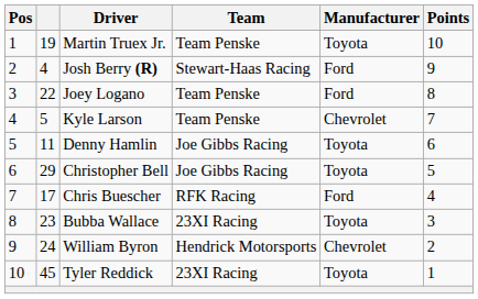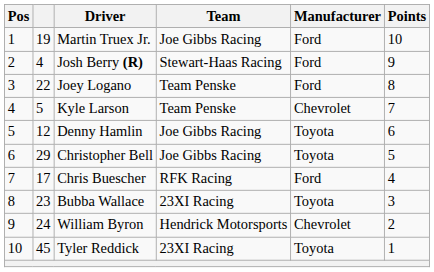 <table class="wikitable" style="font-size:98%">
 <tr>
 <th>Pos</th>
 <th></th>
 <th>Driver</th>
 <th>Team</th>
 <th>Manufacturer</th>
 <th>Points</th>
 </tr>
 <tr>
 <td>1</td>
 <td>19</td>
 <td>Martin Truex Jr.</td>
-<td>Team Penske</td>
-<td>Toyota</td>
+<td>Joe Gibbs Racing</td>
+<td>Ford</td>
 <td>10</td>
 </tr>
 <tr>
 <td>2</td>
 <td>4</td>
 <td>Josh Berry <strong>(R)</strong></td>
 <td>Stewart-Haas Racing</td>
 <td>Ford</td>
 <td>9</td>
 </tr>
 <tr>
 <td>3</td>
 <td>22</td>
 <td>Joey Logano</td>
 <td>Team Penske</td>
 <td>Ford</td>
 <td>8</td>
 </tr>
 <tr>
 <td>4</td>
 <td>5</td>
 <td>Kyle Larson</td>
 <td>Team Penske</td>
 <td>Chevrolet</td>
 <td>7</td>
 </tr>
 <tr>
 <td>5</td>
-<td>11</td>
+<td>12</td>
 <td>Denny Hamlin</td>
 <td>Joe Gibbs Racing</td>
 <td>Toyota</td>
 <td>6</td>
 </tr>
 <tr>
 <td>6</td>
 <td>29</td>
 <td>Christopher Bell</td>
 <td>Joe Gibbs Racing</td>
 <td>Toyota</td>
 <td>5</td>
 </tr>
 <tr>
 <td>7</td>
 <td>17</td>
 <td>Chris Buescher</td>
 <td>RFK Racing</td>
 <td>Ford</td>
 <td>4</td>
 </tr>
 <tr>
 <td>8</td>
 <td>23</td>
 <td>Bubba Wallace</td>
 <td>23XI Racing</td>
 <td>Toyota</td>
 <td>3</td>
 </tr>
 <tr>
 <td>9</td>
 <td>24</td>
 <td>William Byron</td>
 <td>Hendrick Motorsports</td>
 <td>Chevrolet</td>
 <td>2</td>
 </tr>
 <tr>
 <td>10</td>
 <td>45</td>
 <td>Tyler Reddick</td>
 <td>23XI Racing</td>
 <td>Toyota</td>
 <td>1</td>
 </tr>
 <tr>
 <th colspan="6"></th>
 </tr>
 </table>
